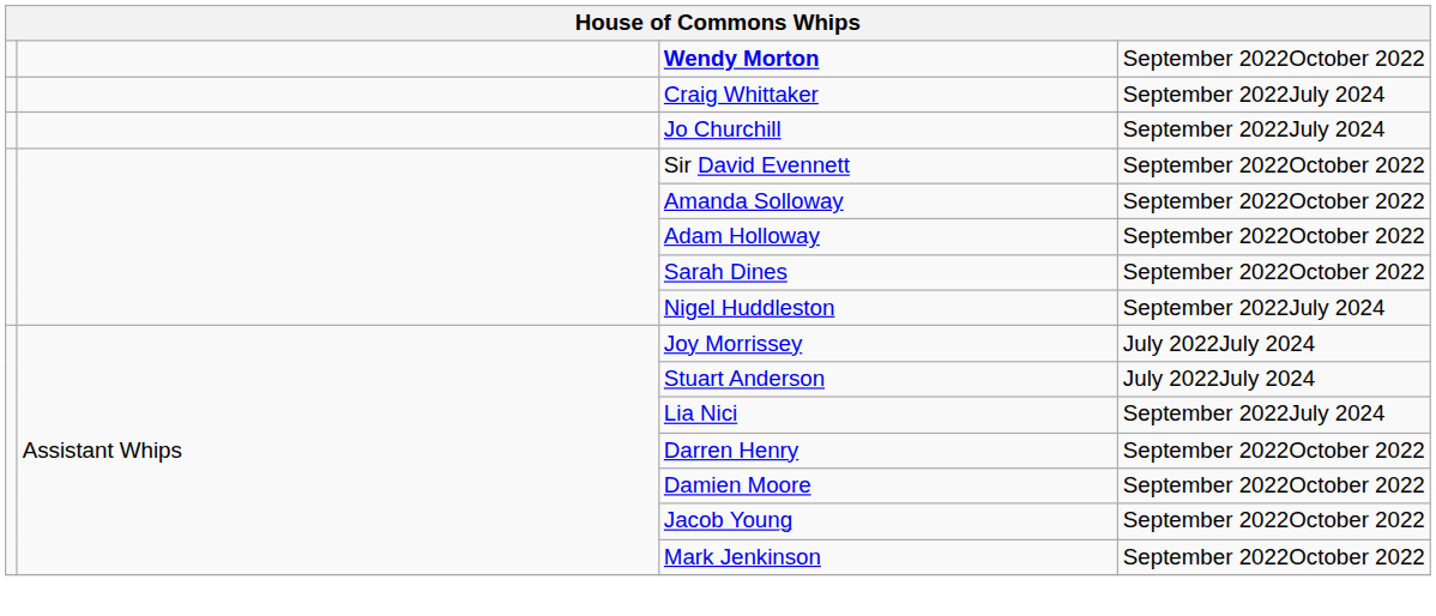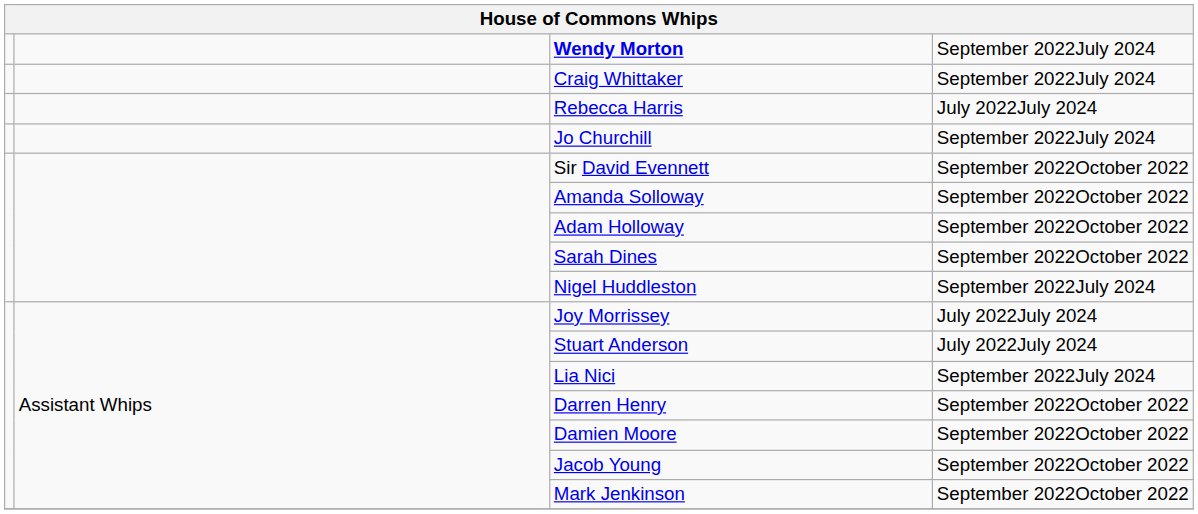 <table class="wikitable">
 <tr>
 <th colspan="4">House of Commons Whips</th>
 </tr>
 <tr>
 <td rowspan=1 style="width: 1px; background: "></td>
 <td rowspan=1 style="width: 450px;"></td>
 <td style="width: 320px;"><strong><a href='#'>Wendy Morton</a></strong></td>
-<td>September 2022October 2022</td>
+<td>September 2022July 2024</td>
 </tr>
 <tr>
 <td rowspan=1 style="width: 1px; background: "></td>
 <td rowspan=1></td>
 <td><a href='#'>Craig Whittaker</a></td>
 <td>September 2022July 2024</td>
+</tr>
+<tr>
+<td rowspan=1 style="width: 1px; background: "></td>
+<td rowspan=1></td>
+<td style="width: 320px;"><a href='#'>Rebecca Harris</a></td>
+<td>July 2022July 2024</td>
 </tr>
 <tr>
 <td rowspan=1 style="width: 1px; background: "></td>
 <td rowspan=1></td>
 <td style="width: 320px;"><a href='#'>Jo Churchill</a></td>
 <td>September 2022July 2024</td>
 </tr>
 <tr>
 <td rowspan=5 style="width: 1px; background: "></td>
 <td rowspan=5></td>
 <td style="width: 320px;">Sir <a href='#'>David Evennett</a></td>
 <td>September 2022October 2022</td>
 </tr>
 <tr>
 <td><a href='#'>Amanda Solloway</a></td>
 <td>September 2022October 2022</td>
 </tr>
 <tr>
 <td><a href='#'>Adam Holloway</a></td>
 <td>September 2022October 2022</td>
 </tr>
 <tr>
 <td><a href='#'>Sarah Dines</a></td>
 <td>September 2022October 2022</td>
 </tr>
 <tr>
 <td><a href='#'>Nigel Huddleston</a></td>
 <td>September 2022July 2024</td>
 </tr>
 <tr>
 <td rowspan=7 style="width: 1px; background: "></td>
 <td rowspan=7>Assistant Whips</td>
 <td style="width: 320px;"><a href='#'>Joy Morrissey</a></td>
 <td>July 2022July 2024</td>
 </tr>
 <tr>
 <td style="width: 320px;"><a href='#'>Stuart Anderson</a></td>
 <td>July 2022July 2024</td>
 </tr>
 <tr>
 <td><a href='#'>Lia Nici</a></td>
 <td>September 2022July 2024</td>
 </tr>
 <tr>
 <td><a href='#'>Darren Henry</a></td>
 <td>September 2022October 2022</td>
 </tr>
 <tr>
 <td><a href='#'>Damien Moore</a></td>
 <td>September 2022October 2022</td>
 </tr>
 <tr>
 <td><a href='#'>Jacob Young</a></td>
 <td>September 2022October 2022</td>
 </tr>
 <tr>
 <td><a href='#'>Mark Jenkinson</a></td>
 <td>September 2022October 2022</td>
 </tr>
 <tr>
 </tr>
 </table>
